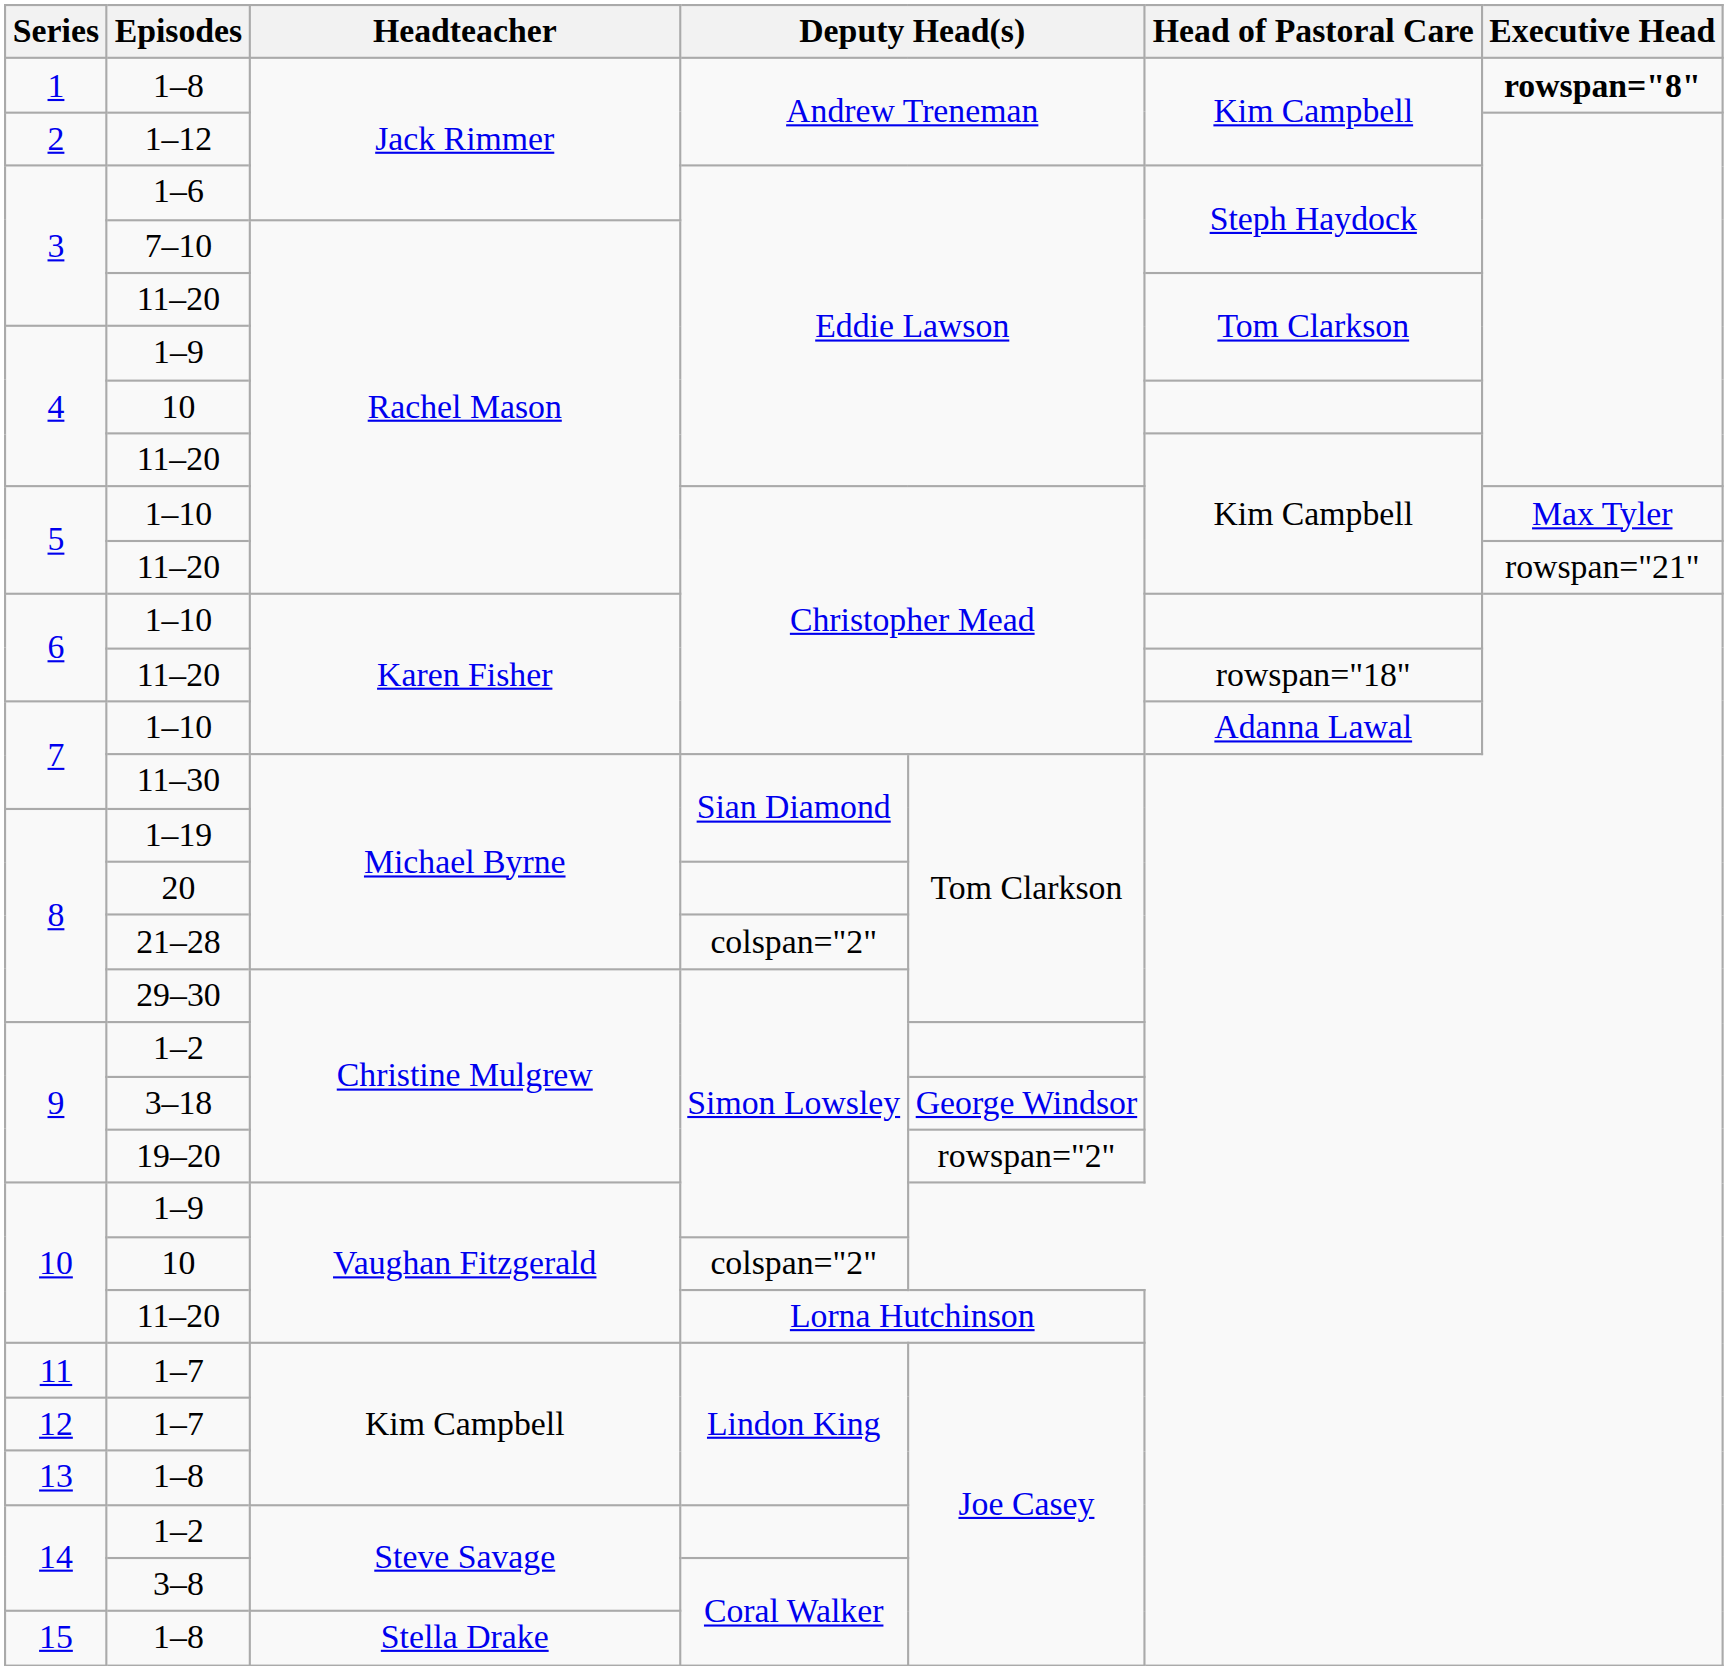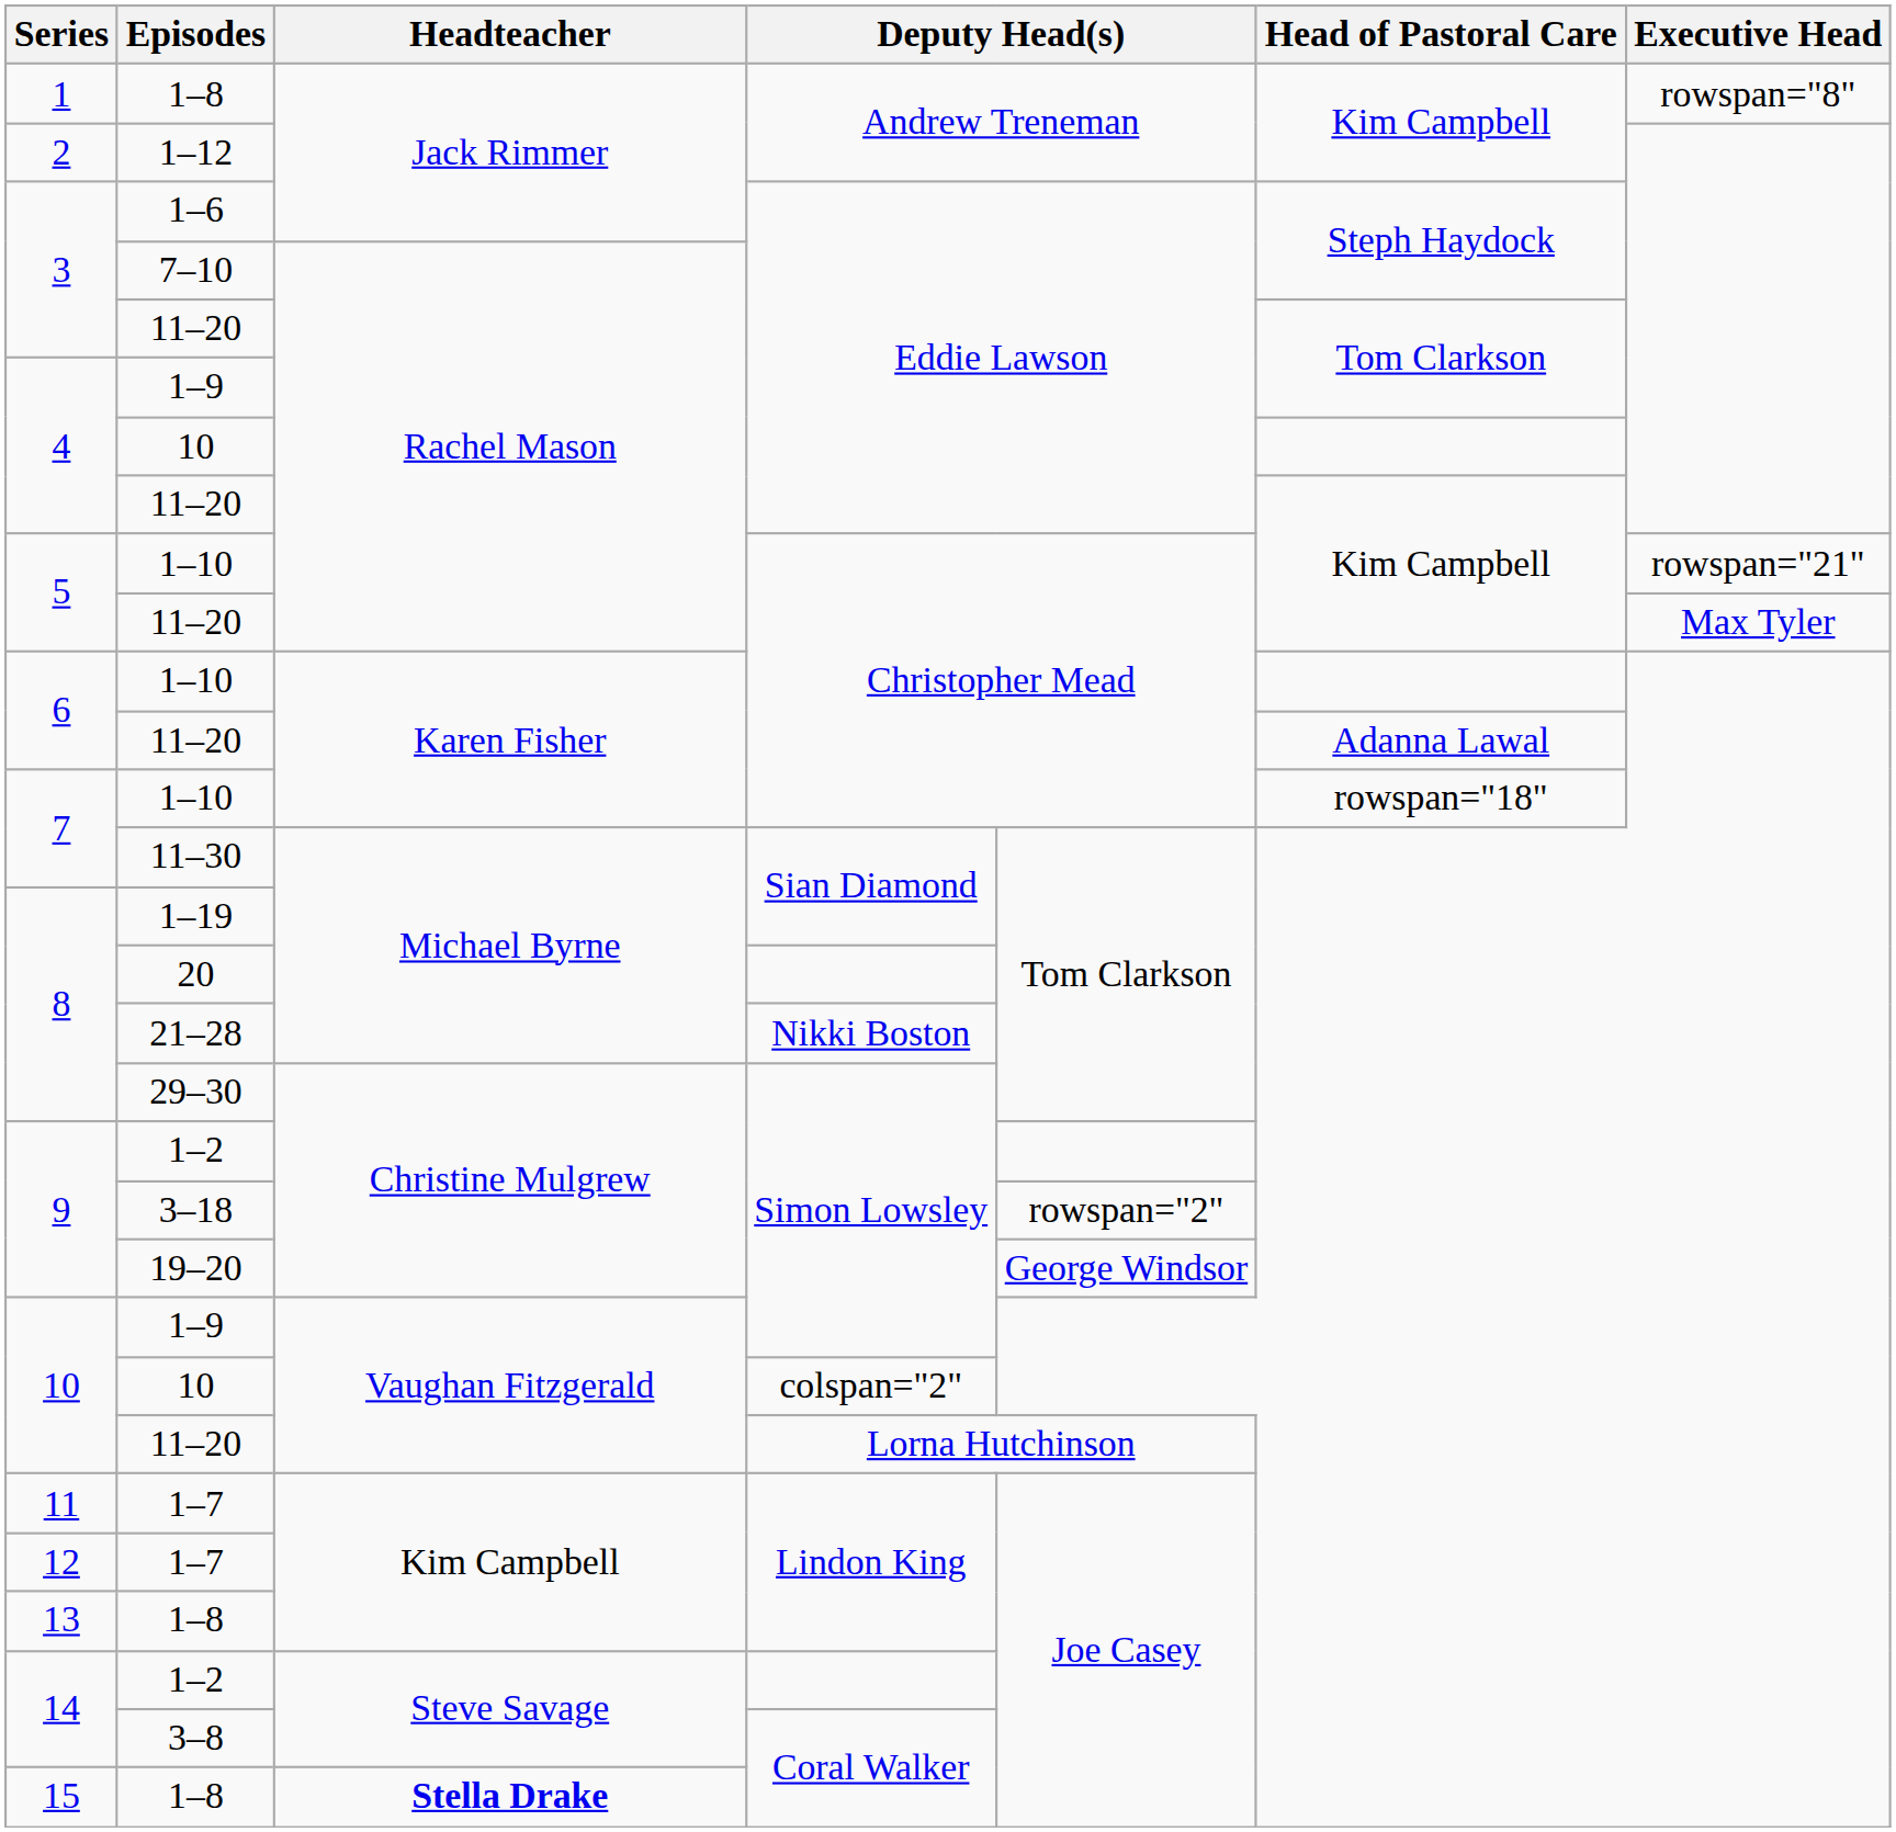 <table class="wikitable" style="text-align:center;">
 <tr>
 <th>Series</th>
 <th>Episodes</th>
 <th width=25%>Headteacher</th>
 <th colspan="2">Deputy Head(s)</th>
 <th>Head of Pastoral Care</th>
 <th>Executive Head</th>
 </tr>
 <tr>
 <td><a href='#'>1</a></td>
 <td>1–8</td>
 <td rowspan="3"><a href='#'>Jack Rimmer</a></td>
 <td rowspan="2" colspan="2"><a href='#'>Andrew Treneman</a></td>
 <td rowspan="2"><a href='#'>Kim Campbell</a></td>
-<td><strong>rowspan="8" </strong></td>
+<td>rowspan="8" </td>
 </tr>
 <tr>
 <td><a href='#'>2</a></td>
 <td>1–12</td>
 </tr>
 <tr>
 <td rowspan="3"><a href='#'>3</a></td>
 <td>1–6</td>
 <td rowspan="6" colspan="2"><a href='#'>Eddie Lawson</a></td>
 <td rowspan="2"><a href='#'>Steph Haydock</a></td>
 </tr>
 <tr>
 <td>7–10</td>
 <td rowspan="7"><a href='#'>Rachel Mason</a></td>
 </tr>
 <tr>
 <td>11–20</td>
 <td rowspan="2"><a href='#'>Tom Clarkson</a></td>
 </tr>
 <tr>
 <td rowspan="3"><a href='#'>4</a></td>
 <td>1–9</td>
 </tr>
 <tr>
 <td>10</td>
 <td></td>
 </tr>
 <tr>
 <td>11–20</td>
 <td rowspan="3">Kim Campbell</td>
 </tr>
 <tr>
 <td rowspan="2"><a href='#'>5</a></td>
 <td>1–10</td>
 <td rowspan="5" colspan="2"><a href='#'>Christopher Mead</a></td>
-<td><a href='#'>Max Tyler</a></td>
+<td>rowspan="21" </td>
 </tr>
 <tr>
 <td>11–20</td>
-<td>rowspan="21" </td>
+<td><a href='#'>Max Tyler</a></td>
 </tr>
 <tr>
 <td rowspan="2"><a href='#'>6</a></td>
 <td>1–10</td>
 <td rowspan="3"><a href='#'>Karen Fisher</a></td>
 <td></td>
 </tr>
 <tr>
 <td>11–20</td>
-<td>rowspan="18" </td>
+<td><a href='#'>Adanna Lawal</a></td>
 </tr>
 <tr>
 <td rowspan="2"><a href='#'>7</a></td>
 <td>1–10</td>
-<td><a href='#'>Adanna Lawal</a></td>
+<td>rowspan="18" </td>
 </tr>
 <tr>
 <td>11–30</td>
 <td rowspan="4"><a href='#'>Michael Byrne</a></td>
 <td rowspan="2"><a href='#'>Sian Diamond</a></td>
 <td rowspan="5">Tom Clarkson</td>
 </tr>
 <tr>
 <td rowspan="4"><a href='#'>8</a></td>
 <td>1–19</td>
 </tr>
 <tr>
 <td>20</td>
 <td></td>
 </tr>
 <tr>
 <td>21–28</td>
-<td>colspan="2" </td>
+<td><a href='#'>Nikki Boston</a></td>
 </tr>
 <tr>
 <td>29–30</td>
 <td rowspan="4"><a href='#'>Christine Mulgrew</a></td>
 <td rowspan="5"><a href='#'>Simon Lowsley</a></td>
 </tr>
 <tr>
 <td rowspan="3"><a href='#'>9</a></td>
 <td>1–2</td>
 <td></td>
 </tr>
 <tr>
 <td>3–18</td>
-<td><a href='#'>George Windsor</a></td>
+<td>rowspan="2" </td>
 </tr>
 <tr>
 <td>19–20</td>
-<td>rowspan="2" </td>
+<td><a href='#'>George Windsor</a></td>
 </tr>
 <tr>
 <td rowspan="3"><a href='#'>10</a></td>
 <td>1–9</td>
 <td rowspan="3"><a href='#'>Vaughan Fitzgerald</a></td>
 </tr>
 <tr>
 <td>10</td>
 <td>colspan="2" </td>
 </tr>
 <tr>
 <td>11–20</td>
 <td colspan="2"><a href='#'>Lorna Hutchinson</a></td>
 </tr>
 <tr>
 <td><a href='#'>11</a></td>
 <td>1–7</td>
 <td rowspan="3">Kim Campbell</td>
 <td rowspan="3"><a href='#'>Lindon King</a></td>
 <td rowspan="6"><a href='#'>Joe Casey</a></td>
 </tr>
 <tr>
 <td><a href='#'>12</a></td>
 <td>1–7</td>
 </tr>
 <tr>
 <td><a href='#'>13</a></td>
 <td>1–8</td>
 </tr>
 <tr>
 <td rowspan="2"><a href='#'>14</a></td>
 <td>1–2</td>
 <td rowspan="2"><a href='#'>Steve Savage</a></td>
 <td></td>
 </tr>
 <tr>
 <td>3–8</td>
 <td rowspan="2"><a href='#'>Coral Walker</a></td>
 </tr>
 <tr>
 <td><a href='#'>15</a></td>
 <td>1–8</td>
-<td><a href='#'>Stella Drake</a></td>
+<td><strong><a href='#'>Stella Drake</a></strong></td>
 </tr>
 </table>
